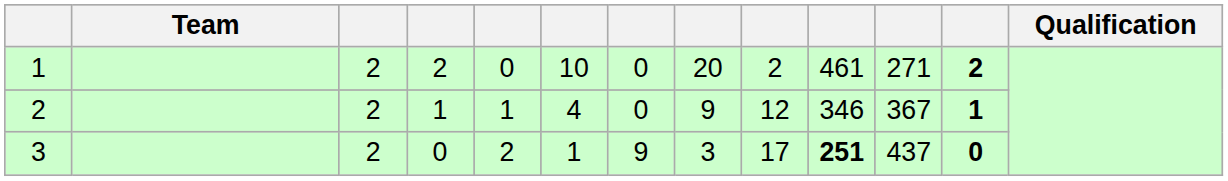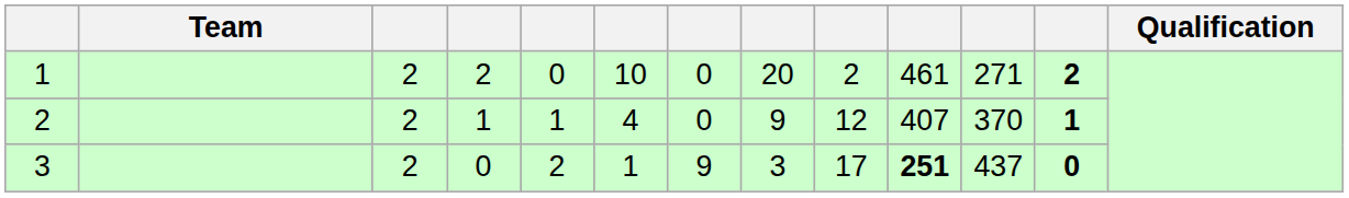 <table class=wikitable style="text-align:center" width=730>
 <tr>
 <th width=5.5%></th>
 <th width=22%>Team</th>
 <th width=5.5%></th>
 <th width=5.5%></th>
 <th width=5.5%></th>
 <th width=5.5%></th>
 <th width=5.5%></th>
 <th width=5.5%></th>
 <th width=5.5%></th>
 <th width=5.5%></th>
 <th width=5.5%></th>
 <th width=5.5%></th>
 <th width=18%>Qualification</th>
 </tr>
 <tr bgcolor=ccffcc>
 <td>1</td>
 <td style="text-align:left"></td>
 <td>2</td>
 <td>2</td>
 <td>0</td>
 <td>10</td>
 <td>0</td>
 <td>20</td>
 <td>2</td>
 <td>461</td>
 <td>271</td>
 <td><strong>2</strong></td>
 <td rowspan=4></td>
 </tr>
 <tr bgcolor=ccffcc>
 <td>2</td>
 <td style="text-align:left"></td>
 <td>2</td>
 <td>1</td>
 <td>1</td>
 <td>4</td>
 <td>0</td>
 <td>9</td>
 <td>12</td>
-<td>346</td>
-<td>367</td>
+<td>407</td>
+<td>370</td>
 <td><strong>1</strong></td>
 </tr>
 <tr bgcolor=ccffcc>
 <td>3</td>
 <td style="text-align:left"></td>
 <td>2</td>
 <td>0</td>
 <td>2</td>
 <td>1</td>
 <td>9</td>
 <td>3</td>
 <td>17</td>
 <td><strong>251</strong></td>
 <td>437</td>
 <td><strong>0</strong></td>
 </tr>
 </table>
